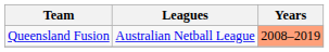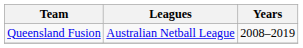 <table class="wikitable collapsible">
 <tr>
 <th>Team</th>
 <th>Leagues</th>
 <th>Years</th>
 </tr>
 <tr>
 <td><a href='#'>Queensland Fusion</a></td>
 <td><a href='#'>Australian Netball League</a></td>
-<td style="background: lightsalmon;">2008–2019</td>
+<td>2008–2019</td>
 </tr>
 <tr>
 </tr>
 </table>
